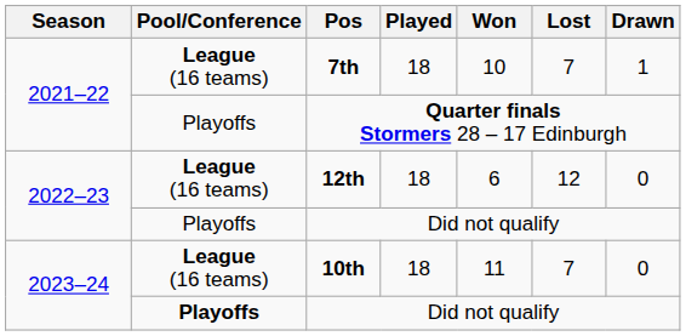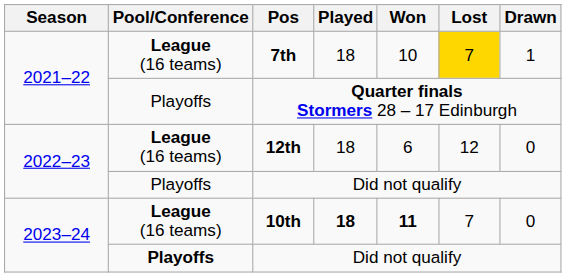 <table class="wikitable" style="text-align:center">
 <tr>
 <th width="90">Season</th>
 <th width="80">Pool/Conference</th>
 <th width="50">Pos</th>
 <th width="50">Played</th>
 <th width="50">Won</th>
 <th width="50">Lost</th>
 <th width="50">Drawn</th>
 </tr>
 <tr>
 <td rowspan="2"><a href='#'>2021–22</a></td>
 <td><strong>League</strong><br>(16 teams)</td>
 <td><strong>7th</strong></td>
 <td>18</td>
 <td>10</td>
-<td>7</td>
+<td style="background: gold;">7</td>
 <td>1</td>
 </tr>
 <tr>
 <td>Playoffs</td>
 <td colspan="8"><strong>Quarter finals</strong><br> <strong><a href='#'>Stormers</a></strong> 28 – 17 Edinburgh</td>
 </tr>
 <tr>
 <td rowspan="2"><a href='#'>2022–23</a></td>
 <td><strong>League</strong><br>(16 teams)</td>
 <td><strong>12th</strong></td>
 <td>18</td>
 <td>6</td>
 <td>12</td>
 <td>0</td>
 </tr>
 <tr>
 <td>Playoffs</td>
 <td colspan="8">Did not qualify</td>
 </tr>
 <tr>
 <td rowspan="2"><a href='#'>2023–24</a></td>
 <td><strong>League</strong><br>(16 teams)</td>
 <td><strong>10th</strong></td>
-<td>18</td>
-<td>11</td>
+<td><strong>18</strong></td>
+<td><strong>11</strong></td>
 <td>7</td>
 <td>0</td>
 </tr>
 <tr>
 <td><strong>Playoffs</strong></td>
 <td colspan="8">Did not qualify</td>
 </tr>
 </table>
